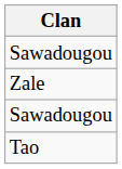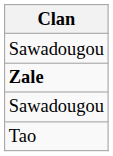 <table class="wikitable">
 <tr>
 <th>Clan</th>
 </tr>
 <tr>
 <td>Sawadougou</td>
 </tr>
 <tr>
-<td>Zale</td>
+<td><strong>Zale</strong></td>
 </tr>
 <tr>
 <td>Sawadougou</td>
 </tr>
 <tr>
 <td>Tao</td>
 </tr>
 </table>
